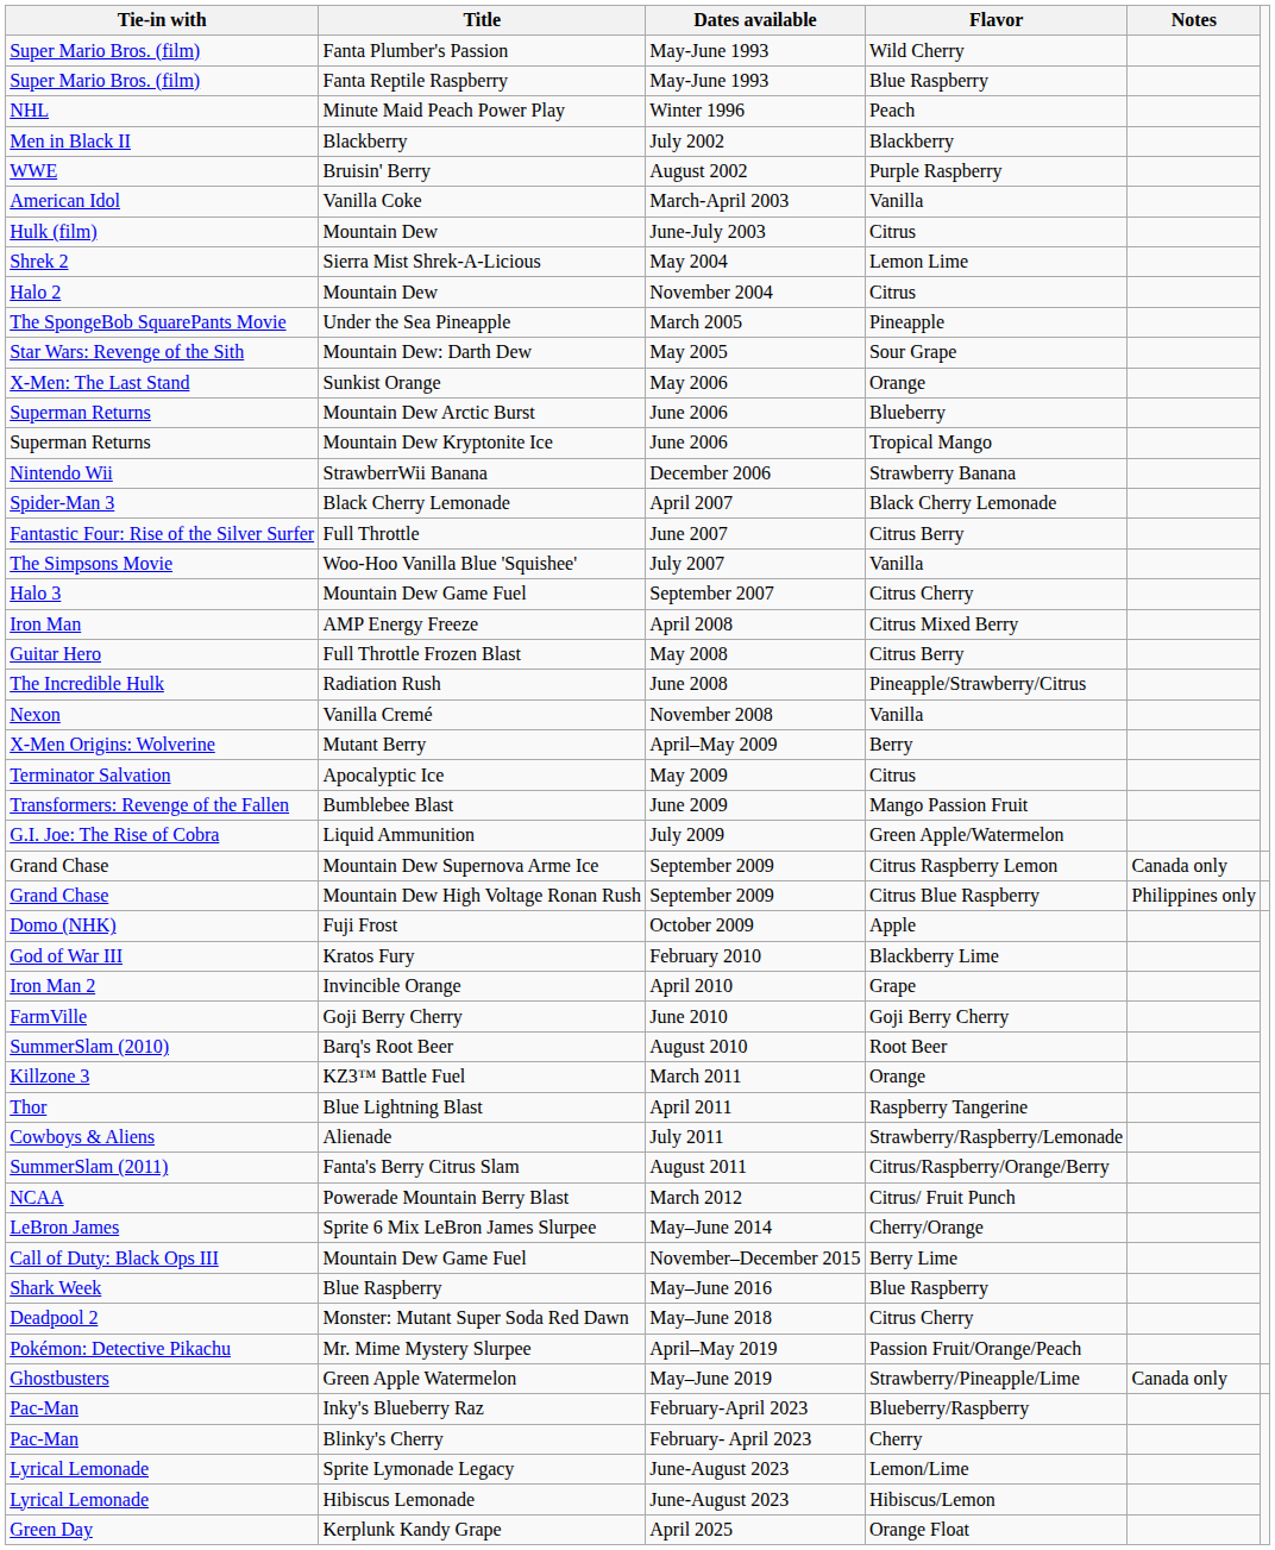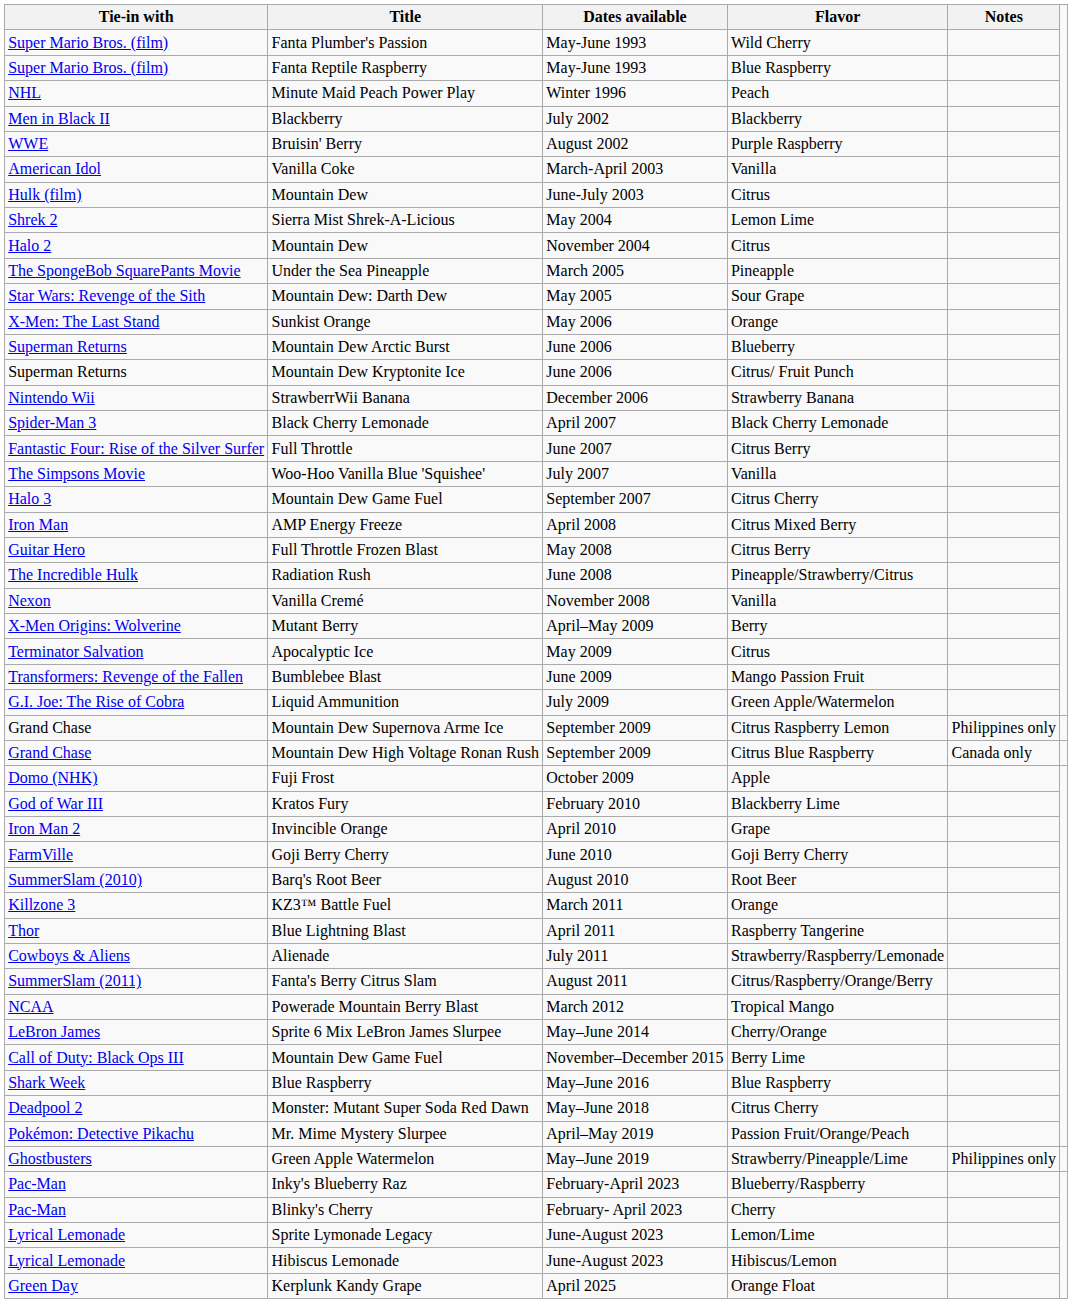 <table class="wikitable">
 <tr>
 <th>Tie-in with</th>
 <th>Title</th>
 <th>Dates available</th>
 <th>Flavor</th>
 <th>Notes</th>
 </tr>
 <tr>
 <td><a href='#'>Super Mario Bros. (film) </a></td>
 <td>Fanta Plumber's Passion</td>
 <td>May-June 1993</td>
 <td>Wild Cherry </td>
 <td></td>
 </tr>
 <tr>
 <td><a href='#'>Super Mario Bros. (film) </a></td>
 <td>Fanta Reptile Raspberry</td>
 <td>May-June 1993</td>
 <td>Blue Raspberry</td>
 <td></td>
 </tr>
 <tr>
 <td><a href='#'>NHL</a></td>
 <td>Minute Maid Peach Power Play</td>
 <td>Winter 1996</td>
 <td>Peach</td>
 <td></td>
 </tr>
 <tr>
 <td><a href='#'>Men in Black II</a></td>
 <td>Blackberry</td>
 <td>July 2002</td>
 <td>Blackberry</td>
 <td></td>
 </tr>
 <tr>
 <td><a href='#'>WWE</a></td>
 <td>Bruisin' Berry</td>
 <td>August 2002</td>
 <td>Purple Raspberry</td>
 <td></td>
 </tr>
 <tr>
 <td><a href='#'>American Idol</a></td>
 <td>Vanilla Coke</td>
 <td>March-April 2003</td>
 <td>Vanilla</td>
 <td></td>
 </tr>
 <tr>
 <td><a href='#'>Hulk (film)</a></td>
 <td>Mountain Dew</td>
 <td>June-July 2003</td>
 <td>Citrus</td>
 <td></td>
 </tr>
 <tr>
 <td><a href='#'>Shrek 2</a></td>
 <td>Sierra Mist Shrek-A-Licious</td>
 <td>May 2004</td>
 <td>Lemon Lime</td>
 <td></td>
 </tr>
 <tr>
 <td><a href='#'>Halo 2</a></td>
 <td>Mountain Dew</td>
 <td>November 2004</td>
 <td>Citrus</td>
 <td></td>
 </tr>
 <tr>
 <td><a href='#'>The SpongeBob SquarePants Movie</a></td>
 <td>Under the Sea Pineapple</td>
 <td>March 2005</td>
 <td>Pineapple</td>
 <td></td>
 </tr>
 <tr>
 <td><a href='#'>Star Wars: Revenge of the Sith</a></td>
 <td>Mountain Dew: Darth Dew</td>
 <td>May 2005</td>
 <td>Sour Grape</td>
 <td></td>
 </tr>
 <tr>
 <td><a href='#'>X-Men: The Last Stand</a></td>
 <td>Sunkist Orange</td>
 <td>May 2006</td>
 <td>Orange</td>
 <td></td>
 </tr>
 <tr>
 <td><a href='#'>Superman Returns</a></td>
 <td>Mountain Dew Arctic Burst</td>
 <td>June 2006</td>
 <td>Blueberry</td>
 <td></td>
 </tr>
 <tr>
 <td>Superman Returns</td>
 <td>Mountain Dew Kryptonite Ice</td>
 <td>June 2006</td>
-<td>Tropical Mango</td>
+<td>Citrus/ Fruit Punch</td>
 <td></td>
 </tr>
 <tr>
 <td><a href='#'>Nintendo Wii</a></td>
 <td>StrawberrWii Banana</td>
 <td>December 2006</td>
 <td>Strawberry Banana</td>
 <td></td>
 </tr>
 <tr>
 <td><a href='#'>Spider-Man 3</a></td>
 <td>Black Cherry Lemonade</td>
 <td>April 2007</td>
 <td>Black Cherry Lemonade</td>
 <td></td>
 </tr>
 <tr>
 <td><a href='#'>Fantastic Four: Rise of the Silver Surfer</a></td>
 <td>Full Throttle</td>
 <td>June 2007</td>
 <td>Citrus Berry</td>
 <td></td>
 </tr>
 <tr>
 <td><a href='#'>The Simpsons Movie</a></td>
 <td>Woo-Hoo Vanilla Blue 'Squishee'</td>
 <td>July 2007</td>
 <td>Vanilla</td>
 <td></td>
 </tr>
 <tr>
 <td><a href='#'>Halo 3</a></td>
 <td>Mountain Dew Game Fuel</td>
 <td>September 2007</td>
 <td>Citrus Cherry</td>
 <td></td>
 </tr>
 <tr>
 <td><a href='#'>Iron Man</a></td>
 <td>AMP Energy Freeze</td>
 <td>April 2008</td>
 <td>Citrus Mixed Berry</td>
 <td></td>
 </tr>
 <tr>
 <td><a href='#'>Guitar Hero</a></td>
 <td>Full Throttle Frozen Blast</td>
 <td>May 2008</td>
 <td>Citrus Berry</td>
 <td></td>
 </tr>
 <tr>
 <td><a href='#'>The Incredible Hulk</a></td>
 <td>Radiation Rush</td>
 <td>June 2008</td>
 <td>Pineapple/Strawberry/Citrus</td>
 <td></td>
 </tr>
 <tr>
 <td><a href='#'>Nexon</a></td>
 <td>Vanilla Cremé</td>
 <td>November 2008</td>
 <td>Vanilla</td>
 <td></td>
 </tr>
 <tr>
 <td><a href='#'>X-Men Origins: Wolverine</a></td>
 <td>Mutant Berry</td>
 <td>April–May 2009</td>
 <td>Berry</td>
 <td></td>
 </tr>
 <tr>
 <td><a href='#'>Terminator Salvation</a></td>
 <td>Apocalyptic Ice</td>
 <td>May 2009</td>
 <td>Citrus</td>
 <td></td>
 </tr>
 <tr>
 <td><a href='#'>Transformers: Revenge of the Fallen</a></td>
 <td>Bumblebee Blast</td>
 <td>June 2009</td>
 <td>Mango Passion Fruit</td>
 <td></td>
 </tr>
 <tr>
 <td><a href='#'>G.I. Joe: The Rise of Cobra</a></td>
 <td>Liquid Ammunition</td>
 <td>July 2009</td>
 <td>Green Apple/Watermelon</td>
 <td></td>
 </tr>
 <tr>
 <td>Grand Chase</td>
 <td>Mountain Dew Supernova Arme Ice</td>
 <td>September 2009</td>
 <td>Citrus Raspberry Lemon</td>
-<td>Canada only</td>
+<td>Philippines only</td>
 <td></td>
 </tr>
 <tr>
 <td><a href='#'>Grand Chase</a></td>
 <td>Mountain Dew High Voltage Ronan Rush</td>
 <td>September 2009</td>
 <td>Citrus Blue Raspberry</td>
-<td>Philippines only</td>
+<td>Canada only</td>
 <td></td>
 </tr>
 <tr>
 <td><a href='#'>Domo (NHK)</a></td>
 <td>Fuji Frost</td>
 <td>October 2009</td>
 <td>Apple</td>
 <td></td>
 </tr>
 <tr>
 <td><a href='#'>God of War III</a></td>
 <td>Kratos Fury</td>
 <td>February 2010</td>
 <td>Blackberry Lime</td>
 <td></td>
 </tr>
 <tr>
 <td><a href='#'>Iron Man 2</a></td>
 <td>Invincible Orange</td>
 <td>April 2010</td>
 <td>Grape</td>
 <td></td>
 </tr>
 <tr>
 <td><a href='#'>FarmVille</a></td>
 <td>Goji Berry Cherry</td>
 <td>June 2010</td>
 <td>Goji Berry Cherry</td>
 <td></td>
 </tr>
 <tr>
 <td><a href='#'>SummerSlam (2010)</a></td>
 <td>Barq's Root Beer</td>
 <td>August 2010</td>
 <td>Root Beer</td>
 <td></td>
 </tr>
 <tr>
 <td><a href='#'>Killzone 3</a></td>
 <td>KZ3™ Battle Fuel</td>
 <td>March 2011</td>
 <td>Orange</td>
 <td></td>
 </tr>
 <tr>
 <td><a href='#'>Thor</a></td>
 <td>Blue Lightning Blast</td>
 <td>April 2011</td>
 <td>Raspberry Tangerine</td>
 <td></td>
 </tr>
 <tr>
 <td><a href='#'>Cowboys & Aliens</a></td>
 <td>Alienade</td>
 <td>July 2011</td>
 <td>Strawberry/Raspberry/Lemonade</td>
 <td></td>
 </tr>
 <tr>
 <td><a href='#'>SummerSlam (2011)</a></td>
 <td>Fanta's Berry Citrus Slam</td>
 <td>August 2011</td>
 <td>Citrus/Raspberry/Orange/Berry</td>
 <td></td>
 </tr>
 <tr>
 <td><a href='#'>NCAA</a></td>
 <td>Powerade Mountain Berry Blast</td>
 <td>March 2012</td>
-<td>Citrus/ Fruit Punch</td>
+<td>Tropical Mango</td>
 <td></td>
 </tr>
 <tr>
 <td><a href='#'>LeBron James</a></td>
 <td>Sprite 6 Mix LeBron James Slurpee</td>
 <td>May–June 2014</td>
 <td>Cherry/Orange</td>
 <td></td>
 </tr>
 <tr>
 <td><a href='#'>Call of Duty: Black Ops III</a></td>
 <td>Mountain Dew Game Fuel</td>
 <td>November–December 2015</td>
 <td>Berry Lime</td>
 <td></td>
 </tr>
 <tr>
 <td><a href='#'>Shark Week</a></td>
 <td>Blue Raspberry</td>
 <td>May–June 2016</td>
 <td>Blue Raspberry</td>
 <td></td>
 </tr>
 <tr>
 <td><a href='#'>Deadpool 2</a></td>
 <td>Monster: Mutant Super Soda Red Dawn</td>
 <td>May–June 2018</td>
 <td>Citrus Cherry</td>
 <td></td>
 </tr>
 <tr>
 <td><a href='#'>Pokémon: Detective Pikachu</a></td>
 <td>Mr. Mime Mystery Slurpee</td>
 <td>April–May 2019</td>
 <td>Passion Fruit/Orange/Peach </td>
 <td></td>
 </tr>
 <tr>
 <td><a href='#'>Ghostbusters</a></td>
 <td>Green Apple Watermelon</td>
 <td>May–June 2019</td>
 <td>Strawberry/Pineapple/Lime</td>
-<td>Canada only</td>
+<td>Philippines only</td>
 <td></td>
 </tr>
 <tr>
 <td><a href='#'>Pac-Man</a></td>
 <td>Inky's Blueberry Raz</td>
 <td>February-April 2023</td>
 <td>Blueberry/Raspberry</td>
 <td></td>
 </tr>
 <tr>
 <td><a href='#'>Pac-Man</a></td>
 <td>Blinky's Cherry</td>
 <td>February- April 2023</td>
 <td>Cherry</td>
 <td></td>
 </tr>
 <tr>
 <td><a href='#'>Lyrical Lemonade</a></td>
 <td>Sprite Lymonade Legacy</td>
 <td>June-August 2023</td>
 <td>Lemon/Lime</td>
 <td></td>
 </tr>
 <tr>
 <td><a href='#'>Lyrical Lemonade</a></td>
 <td>Hibiscus Lemonade</td>
 <td>June-August 2023</td>
 <td>Hibiscus/Lemon</td>
 <td></td>
 </tr>
 <tr>
 <td><a href='#'>Green Day</a></td>
 <td>Kerplunk Kandy Grape</td>
 <td>April 2025</td>
 <td>Orange Float</td>
 <td><br>  </td>
 </tr>
 </table>
